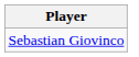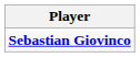 <table class=wikitable>
 <tr>
 <th>Player</th>
 </tr>
 <tr>
-<td> <a href='#'>Sebastian Giovinco</a></td>
+<td><strong> <a href='#'>Sebastian Giovinco</a></strong></td>
 </tr>
 </table>
